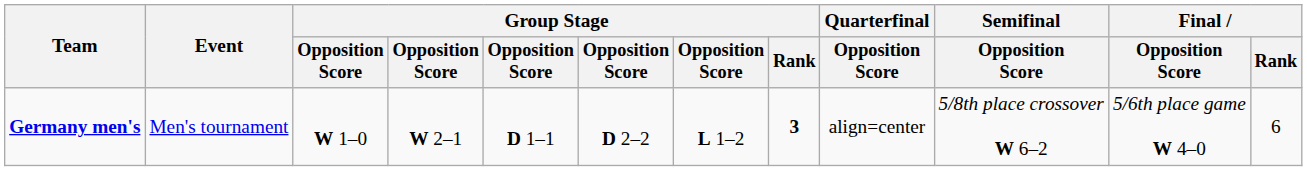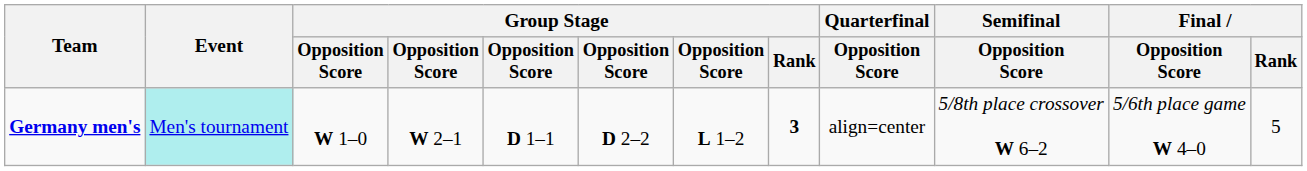 <table class="wikitable" style="font-size:90%">
 <tr>
 <th rowspan=2>Team</th>
 <th rowspan=2>Event</th>
 <th colspan=6>Group Stage</th>
 <th>Quarterfinal</th>
 <th>Semifinal</th>
 <th colspan=2>Final / </th>
 </tr>
 <tr style="font-size:95%">
 <th>Opposition<br>Score</th>
 <th>Opposition<br>Score</th>
 <th>Opposition<br>Score</th>
 <th>Opposition<br>Score</th>
 <th>Opposition<br>Score</th>
 <th>Rank</th>
 <th>Opposition<br>Score</th>
 <th>Opposition<br>Score</th>
 <th>Opposition<br>Score</th>
 <th>Rank</th>
 </tr>
 <tr align=center>
 <td align=left><strong><a href='#'>Germany men's</a></strong></td>
-<td align=left><a href='#'>Men's tournament</a></td>
+<td align=left style="background: paleturquoise;"><a href='#'>Men's tournament</a></td>
 <td align=center><br><strong>W</strong> 1–0</td>
 <td align=center><br><strong>W</strong> 2–1</td>
 <td align=center><br><strong>D</strong> 1–1</td>
 <td align=center><br><strong>D</strong> 2–2</td>
 <td align=center><br><strong>L</strong> 1–2</td>
 <td align=center><strong>3</strong></td>
 <td>align=center </td>
 <td align=center><em>5/8th place crossover</em><br> <br><strong>W</strong> 6–2</td>
 <td align=center><em>5/6th place game</em><br><br><strong>W</strong> 4–0</td>
-<td align=center>6</td>
+<td align=center>5</td>
 </tr>
 </table>
